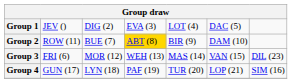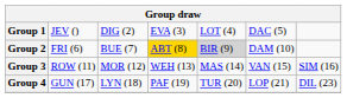 <table class="wikitable" style="text-align:center; font-size:85%">
 <tr>
 <th colspan="7">Group draw</th>
 </tr>
 <tr>
 <th>Group 1</th>
 <td align="left"> <a href='#'>JEV</a> ()</td>
 <td align="left"> <a href='#'>DIG</a> (2)</td>
 <td align="left"> <a href='#'>EVA</a> (3)</td>
 <td align="left"> <a href='#'>LOT</a> (4)</td>
 <td align="left"> <a href='#'>DAC</a> (5)</td>
 <td></td>
 </tr>
 <tr>
 <th>Group 2</th>
-<td align="left"> <a href='#'>ROW</a> (11)</td>
+<td align="left"> <a href='#'>FRI</a> (6)</td>
 <td align="left"> <a href='#'>BUE</a> (7)</td>
 <td align="left" style="background: gold;"> <a href='#'>ABT</a> (8)</td>
-<td align="left"> <a href='#'>BIR</a> (9)</td>
+<td align="left" style="background: lightgrey;"> <a href='#'>BIR</a> (9)</td>
 <td align="left"> <a href='#'>DAM</a> (10)</td>
 <td></td>
 </tr>
 <tr>
 <th>Group 3</th>
-<td align="left"> <a href='#'>FRI</a> (6)</td>
+<td align="left"> <a href='#'>ROW</a> (11)</td>
 <td align="left"> <a href='#'>MOR</a> (12)</td>
 <td align="left"> <a href='#'>WEH</a> (13)</td>
 <td align="left"> <a href='#'>MAS</a> (14)</td>
 <td align="left"> <a href='#'>VAN</a> (15)</td>
-<td align="left"> <a href='#'>DIL</a> (23)</td>
+<td align="left"> <a href='#'>SIM</a> (16)</td>
 </tr>
 <tr>
 <th>Group 4</th>
 <td align="left"> <a href='#'>GUN</a> (17)</td>
 <td align="left"> <a href='#'>LYN</a> (18)</td>
 <td align="left"> <a href='#'>PAF</a> (19)</td>
 <td align="left"> <a href='#'>TUR</a> (20)</td>
 <td align="left"> <a href='#'>LOP</a> (21)</td>
-<td align="left"> <a href='#'>SIM</a> (16)</td>
+<td align="left"> <a href='#'>DIL</a> (23)</td>
 </tr>
 <tr>
 </tr>
 </table>
